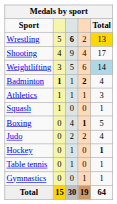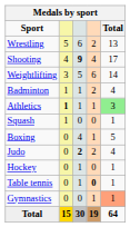 <table class="wikitable" style="text-align:center; font-size:85%; float:right">
 <tr style="background:#efefef;">
 <th colspan=5>Medals by sport</th>
 </tr>
 <tr>
 <td><strong>Sport</strong></td>
 <th style="background:#f7f6a8;"></th>
 <th style="background:#dce5e5;"></th>
 <th style="background:#ffdab9;"></th>
 <th>Total</th>
 </tr>
 <tr>
 <td align=left><a href='#'>Wrestling</a></td>
 <td style="background:#f7f6a8;">5</td>
-<td style="background:#dce5e5;"><strong>6</strong></td>
+<td style="background:#dce5e5;">6</td>
 <td style="background:#ffdab9;">2</td>
-<td style="background: gold;">13</td>
+<td>13</td>
 </tr>
 <tr>
 <td align=left><a href='#'>Shooting</a></td>
 <td style="background:#f7f6a8;">4</td>
-<td style="background:#dce5e5;">9</td>
+<td style="background:#dce5e5;"><strong>9</strong></td>
 <td style="background:#ffdab9;">4</td>
 <td>17</td>
 </tr>
 <tr>
 <td align=left><a href='#'>Weightlifting</a></td>
 <td style="background:#f7f6a8;">3</td>
 <td style="background:#dce5e5;">5</td>
 <td style="background:#ffdab9;">6</td>
-<td style="background: lightblue;">14</td>
+<td>14</td>
 </tr>
 <tr>
 <td align=left><a href='#'>Badminton</a></td>
-<td style="background:#f7f6a8;"><strong>1</strong></td>
+<td style="background:#f7f6a8;">1</td>
 <td style="background:#dce5e5;">1</td>
-<td style="background:#ffdab9;"><strong>2</strong></td>
+<td style="background:#ffdab9;">2</td>
 <td>4</td>
 </tr>
 <tr>
 <td align=left><a href='#'>Athletics</a></td>
-<td style="background:#f7f6a8;">1</td>
+<td style="background:#f7f6a8;"><strong>1</strong></td>
 <td style="background:#dce5e5;">1</td>
 <td style="background:#ffdab9;">1</td>
-<td>3</td>
+<td style="background: lightgreen;">3</td>
 </tr>
 <tr>
 <td align=left><a href='#'>Squash</a></td>
 <td style="background:#f7f6a8;">1</td>
 <td style="background:#dce5e5;">0</td>
 <td style="background:#ffdab9;">0</td>
 <td>1</td>
 </tr>
 <tr>
 <td align=left><a href='#'>Boxing</a></td>
 <td style="background:#f7f6a8;">0</td>
 <td style="background:#dce5e5;">4</td>
-<td style="background:#ffdab9;"><strong>1</strong></td>
+<td style="background:#ffdab9;">1</td>
 <td>5</td>
 </tr>
 <tr>
 <td align=left><a href='#'>Judo</a></td>
 <td style="background:#f7f6a8;">0</td>
-<td style="background:#dce5e5;">2</td>
+<td style="background:#dce5e5;"><strong>2</strong></td>
 <td style="background:#ffdab9;">2</td>
 <td>4</td>
 </tr>
 <tr>
 <td align=left><a href='#'>Hockey</a></td>
 <td style="background:#f7f6a8;">0</td>
 <td style="background:#dce5e5;">1</td>
 <td style="background:#ffdab9;">0</td>
-<td><strong>1</strong></td>
+<td>1</td>
 </tr>
 <tr>
 <td align=left><a href='#'>Table tennis</a></td>
 <td style="background:#f7f6a8;">0</td>
 <td style="background:#dce5e5;">1</td>
-<td style="background:#ffdab9;">0</td>
+<td style="background:#ffdab9;"><strong>0</strong></td>
 <td>1</td>
 </tr>
 <tr>
 <td align=left><a href='#'>Gymnastics</a></td>
 <td style="background:#f7f6a8;">0</td>
 <td style="background:#dce5e5;">0</td>
 <td style="background:#ffdab9;">1</td>
-<td>1</td>
+<td style="background: lightsalmon;">1</td>
 </tr>
 <tr>
 <th style="background:#efefef;">Total</th>
 <th style="background:gold;">15</th>
 <th style="background:silver;">30</th>
 <th style="background:#c96;">19</th>
 <td><strong>64</strong></td>
 </tr>
 </table>
